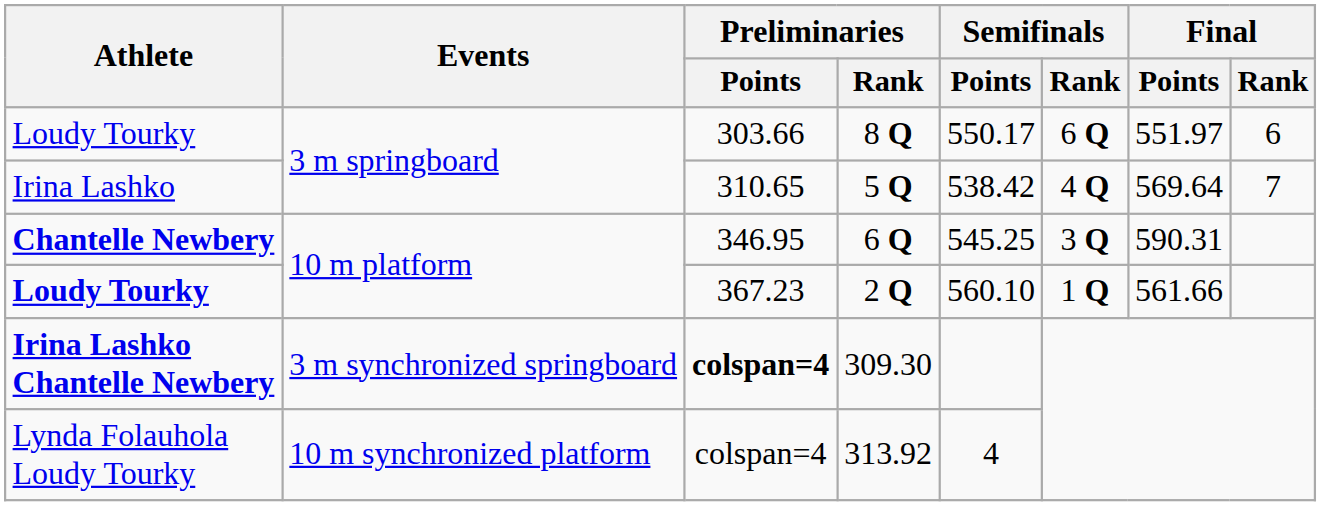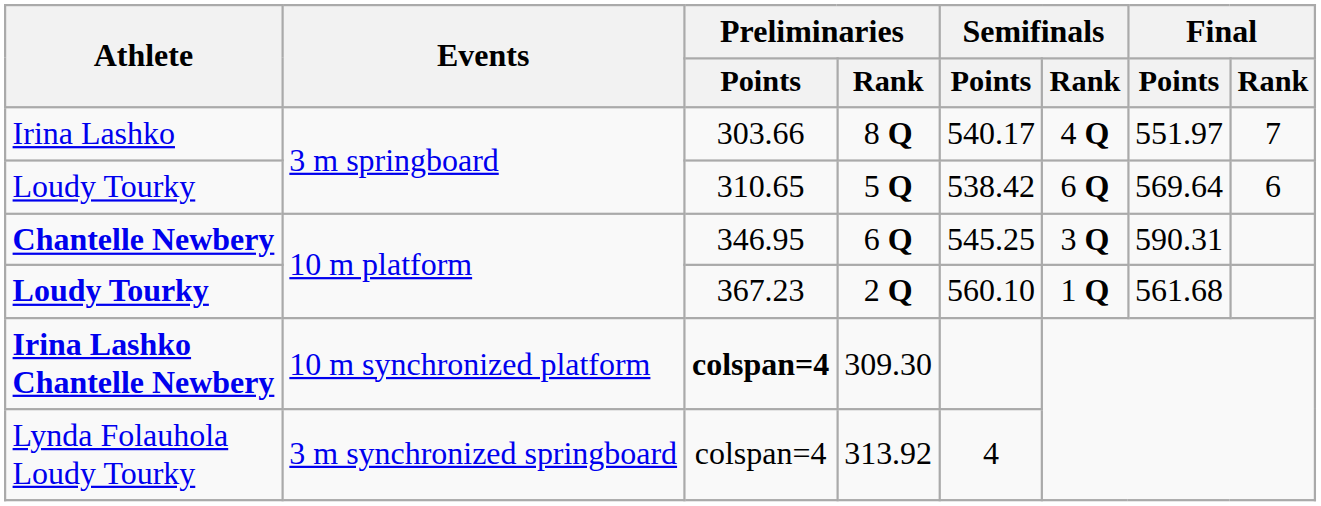 <table class=wikitable style="font-size:90%">
 <tr>
 <th rowspan="2">Athlete</th>
 <th rowspan="2">Events</th>
 <th colspan="2">Preliminaries</th>
 <th colspan="2">Semifinals</th>
 <th colspan="2">Final</th>
 </tr>
 <tr style="font-size:95%">
 <th>Points</th>
 <th>Rank</th>
 <th>Points</th>
 <th>Rank</th>
 <th>Points</th>
 <th>Rank</th>
 </tr>
 <tr align=center>
-<td align=left><a href='#'>Loudy Tourky</a></td>
+<td align=left><a href='#'>Irina Lashko</a></td>
 <td align=left rowspan=2><a href='#'>3 m springboard</a></td>
 <td>303.66</td>
 <td>8 <strong>Q</strong></td>
-<td>550.17</td>
-<td>6 <strong>Q</strong></td>
+<td>540.17</td>
+<td>4 <strong>Q</strong></td>
 <td>551.97</td>
-<td>6</td>
+<td>7</td>
 </tr>
 <tr align=center>
-<td align=left><a href='#'>Irina Lashko</a></td>
+<td align=left><a href='#'>Loudy Tourky</a></td>
 <td>310.65</td>
 <td>5 <strong>Q</strong></td>
 <td>538.42</td>
-<td>4 <strong>Q</strong></td>
+<td>6 <strong>Q</strong></td>
 <td>569.64</td>
-<td>7</td>
+<td>6</td>
 </tr>
 <tr align=center>
 <td align=left><strong><a href='#'>Chantelle Newbery</a></strong></td>
 <td align=left rowspan=2><a href='#'>10 m platform</a></td>
 <td>346.95</td>
 <td>6 <strong>Q</strong></td>
 <td>545.25</td>
 <td>3 <strong>Q</strong></td>
 <td>590.31</td>
 <td></td>
 </tr>
 <tr align=center>
 <td align=left><strong><a href='#'>Loudy Tourky</a></strong></td>
 <td>367.23</td>
 <td>2 <strong>Q</strong></td>
 <td>560.10</td>
 <td>1 <strong>Q</strong></td>
-<td>561.66</td>
+<td>561.68</td>
 <td></td>
 </tr>
 <tr align=center>
 <td align=left><strong><a href='#'>Irina Lashko</a><br><a href='#'>Chantelle Newbery</a></strong></td>
-<td align=left><a href='#'>3 m synchronized springboard</a></td>
+<td align=left><a href='#'>10 m synchronized platform</a></td>
 <td><strong>colspan=4 </strong></td>
 <td>309.30</td>
 <td></td>
 </tr>
 <tr align=center>
 <td align=left><a href='#'>Lynda Folauhola</a><br><a href='#'>Loudy Tourky</a></td>
-<td align=left><a href='#'>10 m synchronized platform</a></td>
+<td align=left><a href='#'>3 m synchronized springboard</a></td>
 <td>colspan=4 </td>
 <td>313.92</td>
 <td>4</td>
 </tr>
 </table>
